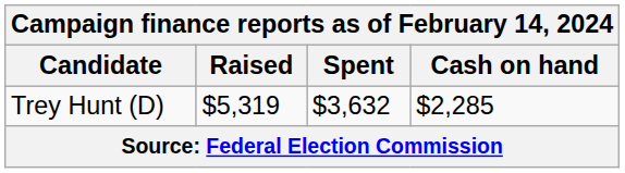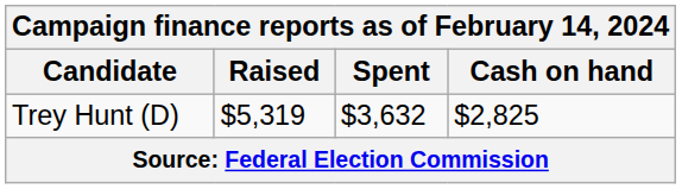 <table class="wikitable sortable">
 <tr>
 <th colspan=4>Campaign finance reports as of February 14, 2024</th>
 </tr>
 <tr style="text-align:center;">
 <th>Candidate</th>
 <th>Raised</th>
 <th>Spent</th>
 <th>Cash on hand</th>
 </tr>
 <tr>
 <td style="color:black;background-color:">Trey Hunt (D)</td>
 <td>$5,319</td>
 <td>$3,632</td>
-<td>$2,285</td>
+<td>$2,825</td>
 </tr>
 <tr>
 <th colspan="4"><small>Source: <a href='#'>Federal Election Commission</a></small></th>
 </tr>
 </table>
